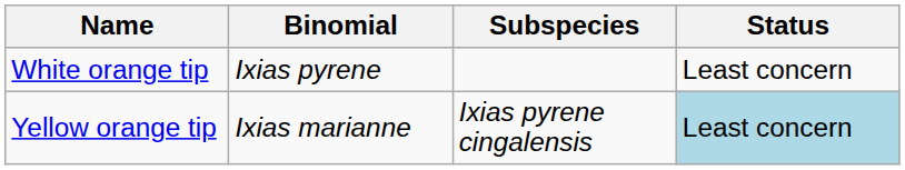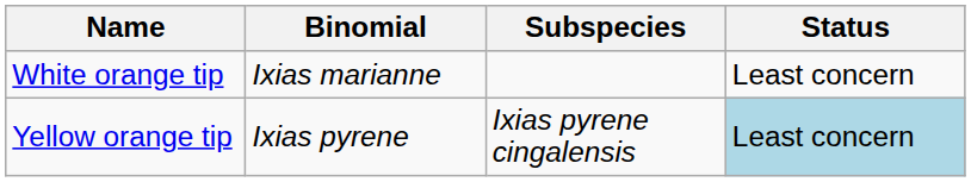 <table width=60% class="wikitable">
 <tr>
 <th width=20%>Name</th>
 <th width=20%>Binomial</th>
 <th width=20%>Subspecies</th>
 <th width=20%>Status</th>
 </tr>
 <tr>
 <td><a href='#'>White orange tip</a><br> </td>
-<td><em>Ixias pyrene</em></td>
+<td><em>Ixias marianne</em></td>
 <td></td>
 <td>Least concern</td>
 </tr>
 <tr>
 <td><a href='#'>Yellow orange tip</a><br> </td>
-<td><em>Ixias marianne</em></td>
+<td><em>Ixias pyrene</em></td>
 <td><em>Ixias pyrene cingalensis</em></td>
 <td style="background: lightblue;">Least concern</td>
 </tr>
 </table>
